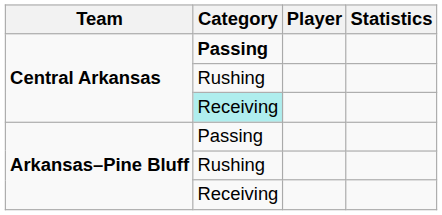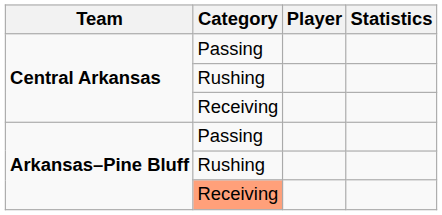 <table class="wikitable" style="float: right;">
 <tr>
 <th>Team</th>
 <th>Category</th>
 <th>Player</th>
 <th>Statistics</th>
 </tr>
 <tr>
 <td rowspan=3><strong>Central Arkansas</strong></td>
-<td><strong>Passing</strong></td>
+<td>Passing</td>
 <td></td>
 <td></td>
 </tr>
 <tr>
 <td>Rushing</td>
 <td></td>
 <td></td>
 </tr>
 <tr>
-<td style="background: paleturquoise;">Receiving</td>
+<td>Receiving</td>
 <td></td>
 <td></td>
 </tr>
 <tr>
 <td rowspan=3><strong>Arkansas–Pine Bluff</strong></td>
 <td>Passing</td>
 <td></td>
 <td></td>
 </tr>
 <tr>
 <td>Rushing</td>
 <td></td>
 <td></td>
 </tr>
 <tr>
-<td>Receiving</td>
+<td style="background: lightsalmon;">Receiving</td>
 <td></td>
 <td></td>
 </tr>
 </table>
